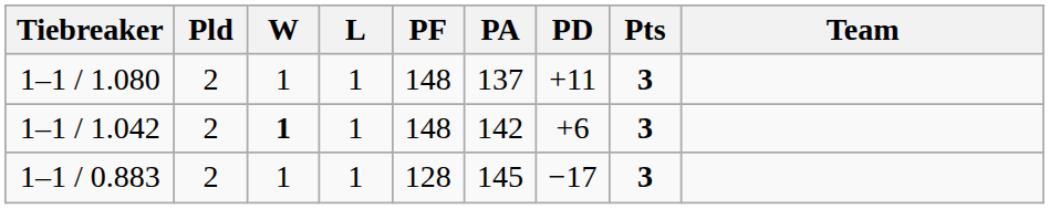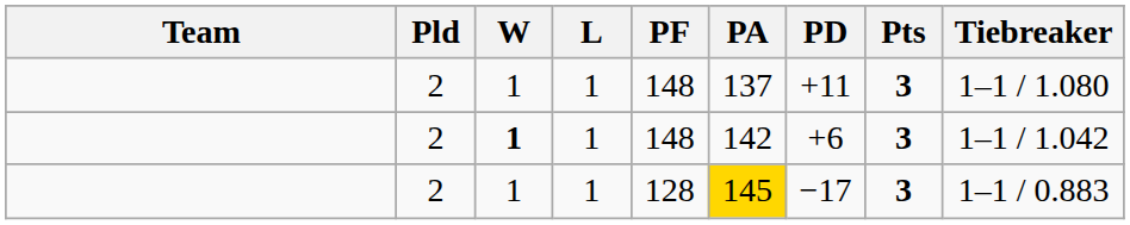 <table class=wikitable style="text-align:center">
 <tr>
-<th width=80>Tiebreaker</th>
+<th width=180>Team</th>
 <th width=30>Pld</th>
 <th width=30>W</th>
 <th width=30>L</th>
 <th width=30>PF</th>
 <th width=30>PA</th>
 <th width=30>PD</th>
 <th width=30>Pts</th>
-<th width=180>Team</th>
+<th width=80>Tiebreaker</th>
 </tr>
 <tr align=center>
-<td>1–1 / 1.080</td>
+<td align=left></td>
 <td>2</td>
 <td>1</td>
 <td>1</td>
 <td>148</td>
 <td>137</td>
 <td>+11</td>
 <td><strong>3</strong></td>
-<td align=left></td>
+<td>1–1 / 1.080</td>
 </tr>
 <tr align=center>
-<td>1–1 / 1.042</td>
+<td align=left></td>
 <td>2</td>
 <td><strong>1</strong></td>
 <td>1</td>
 <td>148</td>
 <td>142</td>
 <td>+6</td>
 <td><strong>3</strong></td>
-<td align=left></td>
+<td>1–1 / 1.042</td>
 </tr>
 <tr align=center>
-<td>1–1 / 0.883</td>
+<td align=left></td>
 <td>2</td>
 <td>1</td>
 <td>1</td>
 <td>128</td>
-<td>145</td>
+<td style="background: gold;">145</td>
 <td>−17</td>
 <td><strong>3</strong></td>
-<td align=left></td>
+<td>1–1 / 0.883</td>
 </tr>
 </table>
